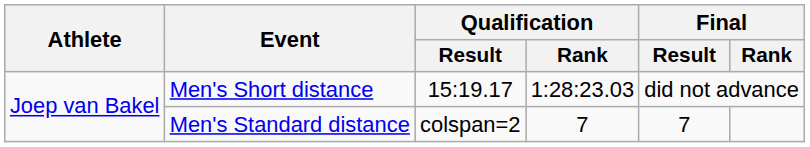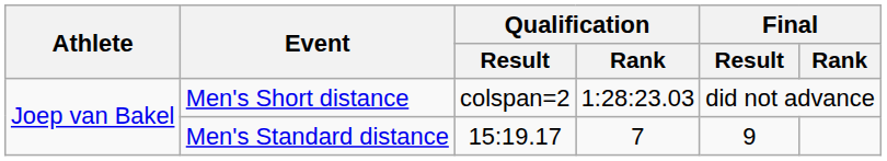 <table class=wikitable style=font-size:90%;text-align:center>
 <tr>
 <th rowspan=2>Athlete</th>
 <th rowspan=2>Event</th>
 <th colspan=2>Qualification</th>
 <th colspan=2>Final</th>
 </tr>
 <tr style=font-size:95%>
 <th>Result</th>
 <th>Rank</th>
 <th>Result</th>
 <th>Rank</th>
 </tr>
 <tr>
 <td align=left rowspan=2><a href='#'>Joep van Bakel</a></td>
 <td align=left><a href='#'>Men's Short distance</a></td>
-<td>15:19.17</td>
+<td>colspan=2 </td>
 <td>1:28:23.03</td>
 <td colspan=2>did not advance</td>
 </tr>
 <tr>
 <td align=left><a href='#'>Men's Standard distance</a></td>
-<td>colspan=2 </td>
+<td>15:19.17</td>
 <td>7</td>
-<td>7</td>
+<td>9</td>
 </tr>
 </table>
